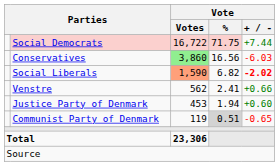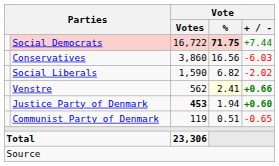 <table class="wikitable" style="text-align:right;">
 <tr>
 <th style="text-align:centre;" rowspan="2" colspan="2" width="225">Parties</th>
 <th colspan="3">Vote</th>
 </tr>
 <tr>
 <th width="15">Votes</th>
 <th width="15">%</th>
 <th width="15">+ / -</th>
 </tr>
 <tr>
 <td width="2" style="color:inherit;background:"></td>
 <td bgcolor=#fbd0ce  align="left"><a href='#'>Social Democrats</a></td>
 <td bgcolor=#fbd0ce>16,722</td>
-<td bgcolor=#fbd0ce>71.75</td>
+<td bgcolor=#fbd0ce><strong>71.75</strong></td>
 <td style=color:green;>+7.44</td>
 </tr>
 <tr>
 <td width="2" style="color:inherit;background:"></td>
 <td align="left"><a href='#'>Conservatives</a></td>
-<td style="background: lightgreen;">3,860</td>
+<td>3,860</td>
 <td>16.56</td>
 <td style=color:red;>-6.03</td>
 </tr>
 <tr>
 <td width="2" style="color:inherit;background:"></td>
 <td align="left"><a href='#'>Social Liberals</a></td>
-<td style="background: lightsalmon;">1,590</td>
+<td>1,590</td>
 <td>6.82</td>
-<td style=color:red;><strong>-2.02</strong></td>
+<td style=color:red;>-2.02</td>
 </tr>
 <tr>
 <td width="2" style="color:inherit;background:"></td>
 <td align="left"><a href='#'>Venstre</a></td>
 <td>562</td>
-<td>2.41</td>
-<td style=color:green;>+0.66</td>
+<td style="background: lightyellow;">2.41</td>
+<td style=color:green;><strong>+0.66</strong></td>
 </tr>
 <tr>
 <td width="2" style="color:inherit;background:"></td>
 <td align="left"><a href='#'>Justice Party of Denmark</a></td>
-<td>453</td>
+<td><strong>453</strong></td>
 <td>1.94</td>
-<td style=color:green;>+0.60</td>
+<td style=color:green;><strong>+0.60</strong></td>
 </tr>
 <tr>
 <td width="2" style="color:inherit;background:"></td>
 <td align="left"><a href='#'>Communist Party of Denmark</a></td>
 <td>119</td>
-<td style="background: lightgrey;">0.51</td>
+<td>0.51</td>
 <td style=color:red;>-0.65</td>
 </tr>
 <tr>
 <td colspan="7" bgcolor="#E9E9E9"></td>
 </tr>
 <tr>
 <td align="left" colspan="2"><strong>Total</strong></td>
 <td><strong>23,306</strong></td>
 <td bgcolor="#E9E9E9" colspan="2"></td>
 </tr>
 <tr>
 <td align="left" colspan="6">Source</td>
 </tr>
 </table>
